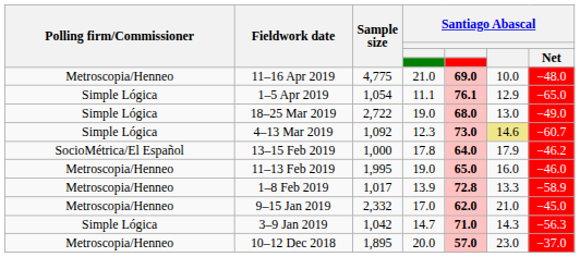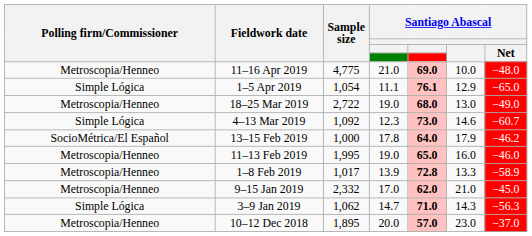 <table class="wikitable collapsible collapsed" style="text-align:center; font-size:90%; line-height:14px;">
 <tr style="height:42px;">
 <th style="width:250px;" rowspan="4">Polling firm/Commissioner</th>
 <th style="width:125px;" rowspan="4">Fieldwork date</th>
 <th style="width:50px;" rowspan="4">Sample size</th>
 <th style="width:185px;" colspan="4"><a href='#'>Santiago Abascal</a><br></th>
 </tr>
 <tr>
 <th colspan="4" style="background:"></th>
 </tr>
 <tr>
 <th style="width:30px;"></th>
 <th style="width:30px;"></th>
 <th style="width:30px;" rowspan="2"></th>
 <th style="width:30px;" rowspan="2">Net</th>
 </tr>
 <tr>
 <th style="color:inherit;background:#008000;"></th>
 <th style="color:inherit;background:#FF0000;"></th>
 </tr>
 <tr>
 <td>Metroscopia/Henneo</td>
 <td>11–16 Apr 2019</td>
 <td>4,775</td>
 <td>21.0</td>
 <td style="background:#FFC2C1;"><strong>69.0</strong></td>
 <td>10.0</td>
 <td style="background:#FF0000; color:white;">−48.0</td>
 </tr>
 <tr>
 <td>Simple Lógica</td>
 <td>1–5 Apr 2019</td>
 <td>1,054</td>
 <td>11.1</td>
 <td style="background:#FFC2C1;"><strong>76.1</strong></td>
 <td>12.9</td>
 <td style="background:#FF0000; color:white;">−65.0</td>
 </tr>
 <tr>
-<td>Simple Lógica</td>
+<td>Metroscopia/Henneo</td>
 <td>18–25 Mar 2019</td>
 <td>2,722</td>
 <td>19.0</td>
 <td style="background:#FFC2C1;"><strong>68.0</strong></td>
 <td>13.0</td>
 <td style="background:#FF0000; color:white;">−49.0</td>
 </tr>
 <tr>
 <td>Simple Lógica</td>
 <td>4–13 Mar 2019</td>
 <td>1,092</td>
 <td>12.3</td>
 <td style="background:#FFC2C1;"><strong>73.0</strong></td>
-<td style="background: khaki;">14.6</td>
+<td>14.6</td>
 <td style="background:#FF0000; color:white;">−60.7</td>
 </tr>
 <tr>
 <td>SocioMétrica/El Español</td>
 <td>13–15 Feb 2019</td>
 <td>1,000</td>
 <td>17.8</td>
 <td style="background:#FFC2C1;"><strong>64.0</strong></td>
 <td>17.9</td>
 <td style="background:#FF0000; color:white;">−46.2</td>
 </tr>
 <tr>
 <td>Metroscopia/Henneo</td>
 <td>11–13 Feb 2019</td>
 <td>1,995</td>
 <td>19.0</td>
 <td style="background:#FFC2C1;"><strong>65.0</strong></td>
 <td>16.0</td>
 <td style="background:#FF0000; color:white;">−46.0</td>
 </tr>
 <tr>
 <td>Metroscopia/Henneo</td>
 <td>1–8 Feb 2019</td>
 <td>1,017</td>
 <td>13.9</td>
 <td style="background:#FFC2C1;"><strong>72.8</strong></td>
 <td>13.3</td>
 <td style="background:#FF0000; color:white;">−58.9</td>
 </tr>
 <tr>
 <td>Metroscopia/Henneo</td>
 <td>9–15 Jan 2019</td>
 <td>2,332</td>
 <td>17.0</td>
 <td style="background:#FFC2C1;"><strong>62.0</strong></td>
 <td>21.0</td>
 <td style="background:#FF0000; color:white;">−45.0</td>
 </tr>
 <tr>
 <td>Simple Lógica</td>
 <td>3–9 Jan 2019</td>
-<td>1,042</td>
+<td>1,062</td>
 <td>14.7</td>
 <td style="background:#FFC2C1;"><strong>71.0</strong></td>
 <td>14.3</td>
 <td style="background:#FF0000; color:white;">−56.3</td>
 </tr>
 <tr>
 <td>Metroscopia/Henneo</td>
 <td>10–12 Dec 2018</td>
 <td>1,895</td>
 <td>20.0</td>
 <td style="background:#FFC2C1;"><strong>57.0</strong></td>
 <td>23.0</td>
 <td style="background:#FF0000; color:white;">−37.0</td>
 </tr>
 </table>
